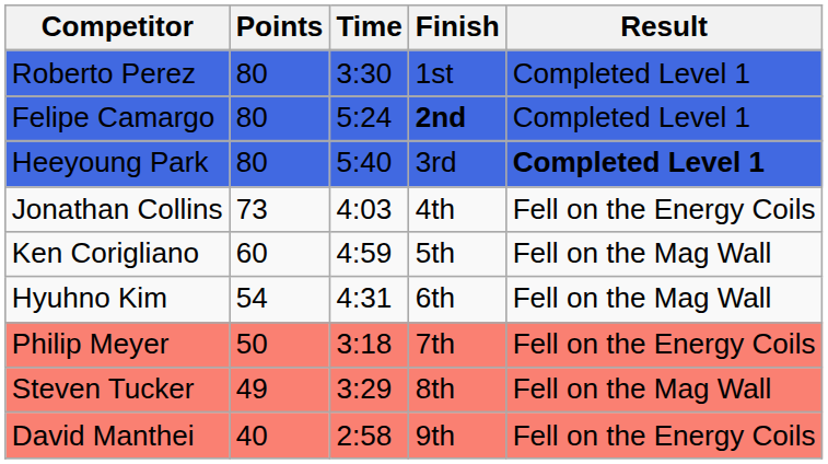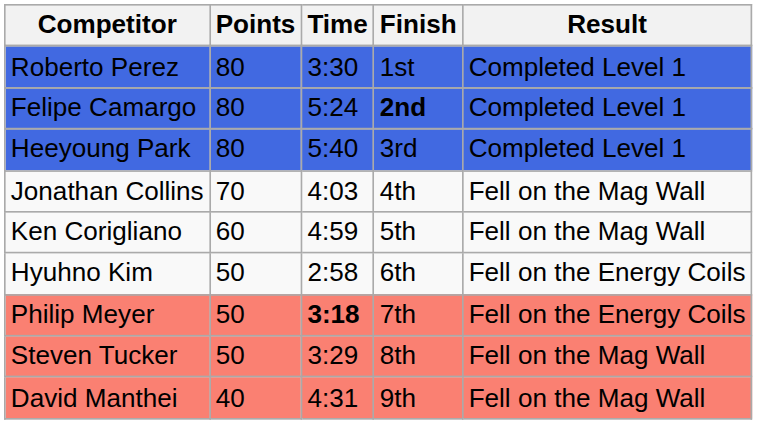 <table class="wikitable sortable">
 <tr>
 <th nowrap="nowrap">Competitor</th>
 <th>Points</th>
 <th>Time</th>
 <th>Finish</th>
 <th>Result</th>
 </tr>
 <tr>
 </tr>
 <tr style="background:royalblue;">
 <td>Roberto Perez</td>
 <td>80</td>
 <td>3:30</td>
 <td>1st</td>
 <td>Completed Level 1</td>
 </tr>
 <tr>
 </tr>
 <tr style="background:royalblue;">
 <td>Felipe Camargo</td>
 <td>80</td>
 <td>5:24</td>
 <td><strong>2nd</strong></td>
 <td>Completed Level 1</td>
 </tr>
 <tr>
 </tr>
 <tr style="background:royalblue;">
 <td> Heeyoung Park</td>
 <td>80</td>
 <td>5:40</td>
 <td>3rd</td>
-<td><strong>Completed Level 1</strong></td>
+<td>Completed Level 1</td>
 </tr>
 <tr>
 <td>Jonathan Collins</td>
-<td>73</td>
+<td>70</td>
 <td>4:03</td>
 <td>4th</td>
-<td>Fell on the Energy Coils</td>
+<td>Fell on the Mag Wall</td>
 </tr>
 <tr>
 <td>Ken Corigliano</td>
 <td>60</td>
 <td>4:59</td>
 <td>5th</td>
 <td>Fell on the Mag Wall</td>
 </tr>
 <tr>
 <td>Hyuhno Kim</td>
-<td>54</td>
-<td>4:31</td>
+<td>50</td>
+<td>2:58</td>
 <td>6th</td>
-<td>Fell on the Mag Wall</td>
+<td>Fell on the Energy Coils</td>
 </tr>
 <tr style='Background-color:#fa8072'>
 <td> Philip Meyer</td>
 <td>50</td>
-<td>3:18</td>
+<td><strong>3:18</strong></td>
 <td>7th</td>
 <td>Fell on the Energy Coils</td>
 </tr>
 <tr style="background-color:#fa8072">
 <td> Steven Tucker</td>
-<td>49</td>
+<td>50</td>
 <td>3:29</td>
 <td>8th</td>
 <td>Fell on the Mag Wall</td>
 </tr>
 <tr style="background-color:#fa8072">
 <td> David Manthei</td>
 <td>40</td>
-<td>2:58</td>
+<td>4:31</td>
 <td>9th</td>
-<td>Fell on the Energy Coils</td>
+<td>Fell on the Mag Wall</td>
 </tr>
 </table>
